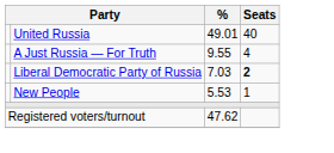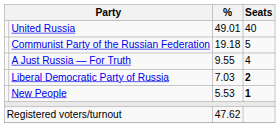 <table class="wikitable">
 <tr>
 <th colspan=2>Party</th>
 <th>%</th>
 <th>Seats</th>
 </tr>
 <tr>
 <td style="background:"></td>
 <td><a href='#'>United Russia</a></td>
 <td>49.01</td>
 <td>40</td>
+</tr>
+<tr>
+<td style="background:"></td>
+<td><a href='#'>Communist Party of the Russian Federation</a></td>
+<td>19.18</td>
+<td>5</td>
 </tr>
 <tr>
 <td style="background:"></td>
 <td><a href='#'>A Just Russia — For Truth</a></td>
 <td>9.55</td>
 <td>4</td>
 </tr>
 <tr>
 <td style="background:"></td>
 <td><a href='#'>Liberal Democratic Party of Russia</a></td>
 <td>7.03</td>
 <td><strong>2</strong></td>
 </tr>
 <tr>
 <td style="background:"></td>
 <td><a href='#'>New People</a></td>
 <td>5.53</td>
-<td>1</td>
+<td><strong>1</strong></td>
 </tr>
 <tr>
 <td colspan=4 style="background:#E9E9E9;"></td>
 </tr>
 <tr>
 <td align=left colspan=2>Registered voters/turnout</td>
 <td>47.62</td>
 <td></td>
 </tr>
 <tr>
 </tr>
 </table>
